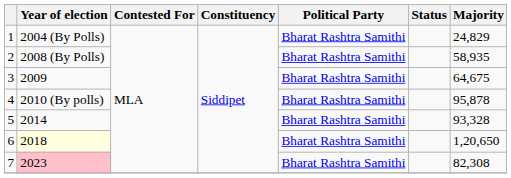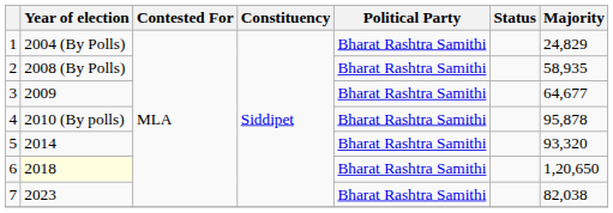 <table class="wikitable">
 <tr>
 <th></th>
 <th>Year of election</th>
 <th>Contested For</th>
 <th>Constituency</th>
 <th>Political Party</th>
 <th>Status</th>
 <th>Majority</th>
 </tr>
 <tr>
 <td>1</td>
 <td>2004 (By Polls)</td>
 <td rowspan="7">MLA</td>
 <td rowspan="7"><a href='#'>Siddipet</a></td>
 <td style="background-color: "><a href='#'>Bharat Rashtra Samithi</a></td>
 <td></td>
 <td>24,829</td>
 </tr>
 <tr>
 <td>2</td>
 <td>2008 (By Polls)</td>
 <td style="background-color: "><a href='#'>Bharat Rashtra Samithi</a></td>
 <td></td>
 <td>58,935</td>
 </tr>
 <tr>
 <td>3</td>
 <td>2009</td>
 <td style="background-color: "><a href='#'>Bharat Rashtra Samithi</a></td>
 <td></td>
-<td>64,675</td>
+<td>64,677</td>
 </tr>
 <tr>
 <td>4</td>
 <td>2010 (By polls)</td>
 <td style="background-color: "><a href='#'>Bharat Rashtra Samithi</a></td>
 <td></td>
 <td>95,878</td>
 </tr>
 <tr>
 <td>5</td>
 <td>2014</td>
 <td style="background-color: "><a href='#'>Bharat Rashtra Samithi</a></td>
 <td></td>
-<td>93,328</td>
+<td>93,320</td>
 </tr>
 <tr>
 <td>6</td>
 <td style="background: lightyellow;">2018</td>
 <td style="background-color: "><a href='#'>Bharat Rashtra Samithi</a></td>
 <td></td>
 <td>1,20,650</td>
 </tr>
 <tr>
 <td>7</td>
-<td style="background: pink;">2023</td>
+<td>2023</td>
 <td style="background-color: "><a href='#'>Bharat Rashtra Samithi</a></td>
 <td></td>
-<td>82,308</td>
+<td>82,038</td>
 </tr>
 <tr>
 </tr>
 </table>
